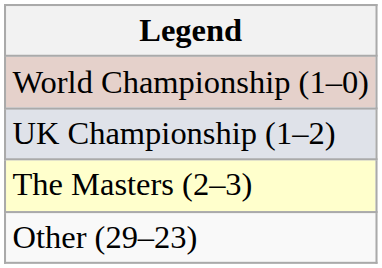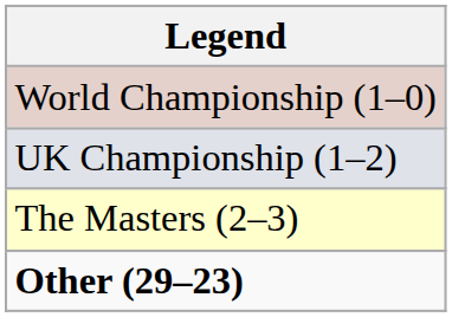 <table class="wikitable">
 <tr>
 <th>Legend</th>
 </tr>
 <tr bgcolor="#e5d1cb">
 <td>World Championship (1–0)</td>
 </tr>
 <tr bgcolor="dfe2e9">
 <td>UK Championship (1–2)</td>
 </tr>
 <tr bgcolor="ffffcc">
 <td>The Masters (2–3)</td>
 </tr>
 <tr>
-<td>Other (29–23)</td>
+<td><strong>Other (29–23)</strong></td>
 </tr>
 </table>
